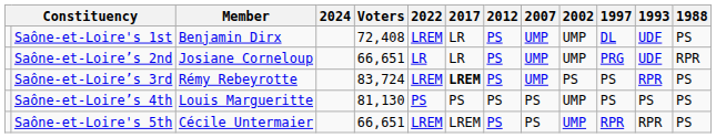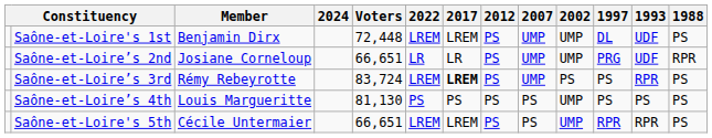 <table class="wikitable sortable">
 <tr>
 <th colspan="2">Constituency</th>
 <th>Member</th>
 <th>2024</th>
 <th>Voters</th>
 <th>2022</th>
 <th>2017</th>
 <th>2012</th>
 <th>2007</th>
 <th>2002</th>
 <th>1997</th>
 <th>1993</th>
 <th>1988</th>
 </tr>
 <tr>
 <td style="background-color: "></td>
 <td><a href='#'>Saône-et-Loire's 1st</a></td>
 <td><a href='#'>Benjamin Dirx</a></td>
 <td></td>
-<td>72,408</td>
+<td>72,448</td>
 <td><a href='#'>LREM</a></td>
-<td>LR</td>
+<td>LREM</td>
 <td bgcolor=><a href='#'>PS</a></td>
 <td bgcolor=><a href='#'>UMP</a></td>
 <td bgcolor=>UMP</td>
 <td bgcolor=><a href='#'>DL</a></td>
 <td bgcolor=><a href='#'>UDF</a></td>
 <td bgcolor=>PS</td>
 </tr>
 <tr>
 <td style="background-color: "></td>
 <td><a href='#'>Saône-et-Loire’s 2nd</a></td>
 <td><a href='#'>Josiane Corneloup</a></td>
 <td></td>
 <td>66,651</td>
 <td><a href='#'>LR</a></td>
 <td>LR</td>
 <td bgcolor=><a href='#'>PS</a></td>
 <td bgcolor=><a href='#'>UMP</a></td>
 <td bgcolor=>UMP</td>
 <td bgcolor=><a href='#'>PRG</a></td>
 <td bgcolor=><a href='#'>UDF</a></td>
 <td bgcolor=>RPR</td>
 </tr>
 <tr>
 <td style="background-color: "></td>
 <td><a href='#'>Saône-et-Loire’s 3rd</a></td>
 <td><a href='#'>Rémy Rebeyrotte</a></td>
 <td></td>
 <td>83,724</td>
 <td><a href='#'>LREM</a></td>
 <td><strong>LREM</strong></td>
 <td bgcolor=><a href='#'>PS</a></td>
 <td bgcolor=><a href='#'>UMP</a></td>
 <td bgcolor=>PS</td>
 <td bgcolor=>PS</td>
 <td bgcolor=><a href='#'>RPR</a></td>
 <td bgcolor=>PS</td>
 </tr>
 <tr>
 <td style="background-color: "></td>
 <td><a href='#'>Saône-et-Loire’s 4th</a></td>
 <td><a href='#'>Louis Margueritte</a></td>
 <td></td>
 <td>81,130</td>
 <td bgcolor=><a href='#'>PS</a></td>
 <td bgcolor=>PS</td>
 <td bgcolor=>PS</td>
 <td bgcolor=>PS</td>
 <td bgcolor=>UMP</td>
 <td bgcolor=>PS</td>
 <td bgcolor=>PS</td>
 <td bgcolor=>PS</td>
 </tr>
 <tr>
 <td style="background-color: "></td>
 <td><a href='#'>Saône-et-Loire's 5th</a></td>
 <td><a href='#'>Cécile Untermaier</a></td>
 <td></td>
 <td>66,651</td>
 <td><a href='#'>LREM</a></td>
 <td>LREM</td>
 <td bgcolor=><a href='#'>PS</a></td>
 <td bgcolor=>PS</td>
 <td bgcolor=><a href='#'>UMP</a></td>
 <td bgcolor=><a href='#'>RPR</a></td>
 <td bgcolor=>RPR</td>
 <td bgcolor=>PS</td>
 </tr>
 </table>
